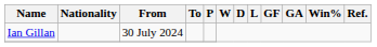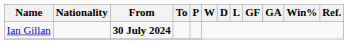 <table class="wikitable plainrowheaders sortable" style="text-align:center">
 <tr>
 <th>Name</th>
 <th>Nationality</th>
 <th>From</th>
 <th class="unsortable">To</th>
 <th>P</th>
 <th>W</th>
 <th>D</th>
 <th>L</th>
 <th>GF</th>
 <th>GA</th>
 <th>Win%</th>
 <th>Ref.</th>
 </tr>
 <tr>
 <td scope=row style=text-align:left><a href='#'>Ian Gillan</a></td>
 <td style="text-align:left"></td>
-<td style="text-align:left">30 July 2024</td>
+<td style="text-align:left"><strong>30 July 2024</strong></td>
 <td style="text-align:left"><br></td>
 <td></td>
 </tr>
 <tr>
 </tr>
 </table>
